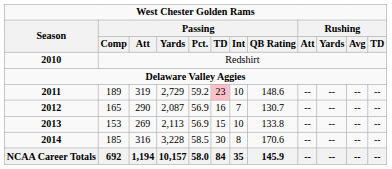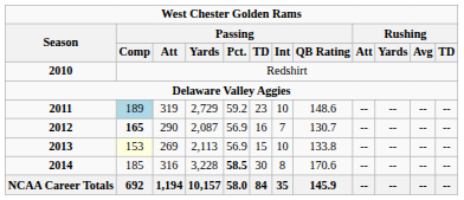 <table class=wikitable style="text-align:center;">
 <tr>
 <td ! colspan="12"><strong>West Chester Golden Rams</strong></td>
 </tr>
 <tr>
 <th rowspan=2>Season</th>
 <th colspan=7>Passing</th>
 <th colspan=4>Rushing</th>
 </tr>
 <tr>
 <th>Comp</th>
 <th>Att</th>
 <th>Yards</th>
 <th>Pct.</th>
 <th>TD</th>
 <th>Int</th>
 <th>QB Rating</th>
 <th>Att</th>
 <th>Yards</th>
 <th>Avg</th>
 <th>TD</th>
 </tr>
 <tr>
 <td><strong>2010</strong></td>
 <td colspan=14>Redshirt</td>
 </tr>
 <tr>
 <td ! colspan="12"><strong>Delaware Valley Aggies</strong></td>
 </tr>
 <tr>
 <td><strong>2011</strong></td>
-<td>189</td>
+<td style="background: lightblue;">189</td>
 <td>319</td>
 <td>2,729</td>
 <td>59.2</td>
-<td style="background: pink;">23</td>
+<td>23</td>
 <td>10</td>
 <td>148.6</td>
 <td>--</td>
 <td>--</td>
 <td>--</td>
 <td>--</td>
 </tr>
 <tr>
 <td><strong>2012</strong></td>
-<td>165</td>
+<td><strong>165</strong></td>
 <td>290</td>
 <td>2,087</td>
 <td>56.9</td>
 <td>16</td>
 <td>7</td>
 <td>130.7</td>
 <td>--</td>
 <td>--</td>
 <td>--</td>
 <td>--</td>
 </tr>
 <tr>
 <td><strong>2013</strong></td>
-<td>153</td>
+<td style="background: lightyellow;">153</td>
 <td>269</td>
 <td>2,113</td>
 <td>56.9</td>
 <td>15</td>
 <td>10</td>
 <td>133.8</td>
 <td>--</td>
 <td>--</td>
 <td>--</td>
 <td>--</td>
 </tr>
 <tr>
 <td><strong>2014</strong></td>
 <td>185</td>
 <td>316</td>
 <td>3,228</td>
-<td>58.5</td>
+<td><strong>58.5</strong></td>
 <td>30</td>
 <td>8</td>
 <td>170.6</td>
 <td>--</td>
 <td>--</td>
 <td>--</td>
 <td>--</td>
 </tr>
 <tr>
 <th>NCAA Career Totals</th>
 <th>692</th>
 <th>1,194</th>
 <th>10,157</th>
 <th>58.0</th>
 <th>84</th>
 <th>35</th>
 <th>145.9</th>
 <th>--</th>
 <th>--</th>
 <th>--</th>
 <th>--</th>
 </tr>
 </table>
